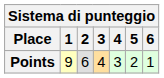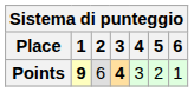 <table class="wikitable" style="font-size: 85%;">
 <tr>
 <th colspan=7>Sistema di punteggio</th>
 </tr>
 <tr>
 <th>Place</th>
 <th>1</th>
 <th>2</th>
 <th>3</th>
 <th>4</th>
 <th>5</th>
 <th>6</th>
 </tr>
 <tr align="center">
 <th>Points</th>
-<td style="background:#FFFFBF;">9</td>
+<td style="background:#FFFFBF;"><strong>9</strong></td>
 <td style="background:#DFDFDF;">6</td>
-<td style="background:#FFDF9F;">4</td>
+<td style="background:#FFDF9F;"><strong>4</strong></td>
 <td style="background:#DFFFDF;">3</td>
 <td style="background:#DFFFDF;">2</td>
 <td style="background:#DFFFDF;">1</td>
 </tr>
 </table>
